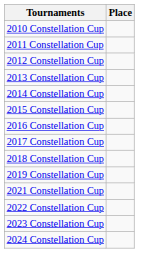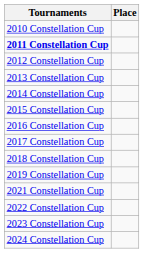 <table class="wikitable collapsible">
 <tr>
 <th>Tournaments</th>
 <th>Place</th>
 </tr>
 <tr>
 <td><a href='#'>2010 Constellation Cup</a></td>
 <td></td>
 </tr>
 <tr>
-<td><a href='#'>2011 Constellation Cup</a></td>
+<td><strong><a href='#'>2011 Constellation Cup</a></strong></td>
 <td></td>
 </tr>
 <tr>
 <td><a href='#'>2012 Constellation Cup</a></td>
 <td></td>
 </tr>
 <tr>
 <td><a href='#'>2013 Constellation Cup</a></td>
 <td></td>
 </tr>
 <tr>
 <td><a href='#'>2014 Constellation Cup</a></td>
 <td></td>
 </tr>
 <tr>
 <td><a href='#'>2015 Constellation Cup</a></td>
 <td></td>
 </tr>
 <tr>
 <td><a href='#'>2016 Constellation Cup</a></td>
 <td></td>
 </tr>
 <tr>
 <td><a href='#'>2017 Constellation Cup</a></td>
 <td></td>
 </tr>
 <tr>
 <td><a href='#'>2018 Constellation Cup</a></td>
 <td></td>
 </tr>
 <tr>
 <td><a href='#'>2019 Constellation Cup</a></td>
 <td></td>
 </tr>
 <tr>
 <td><a href='#'>2021 Constellation Cup</a></td>
 <td></td>
 </tr>
 <tr>
 <td><a href='#'>2022 Constellation Cup</a></td>
 <td></td>
 </tr>
 <tr>
 <td><a href='#'>2023 Constellation Cup</a></td>
 <td></td>
 </tr>
 <tr>
 <td><a href='#'>2024 Constellation Cup</a></td>
 <td></td>
 </tr>
 </table>
